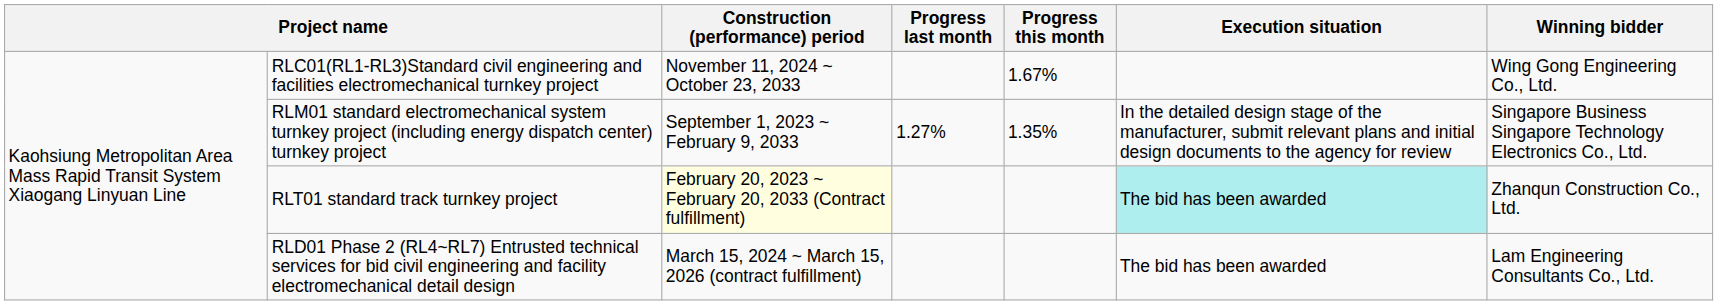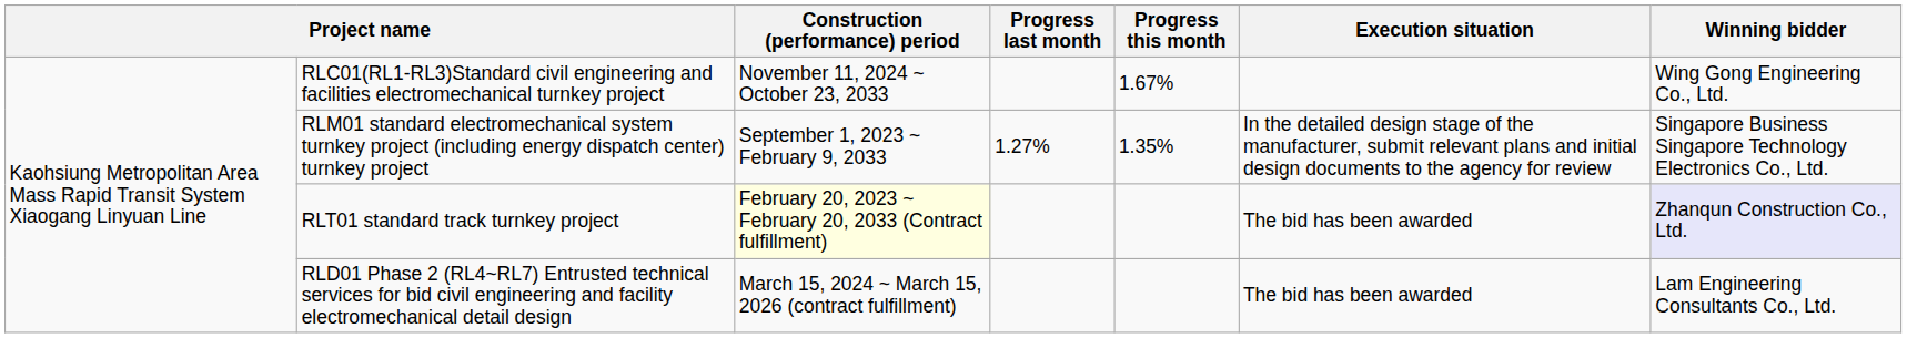 <table class="wikitable">
 <tr>
 <th colspan="2">Project name</th>
 <th>Construction (performance) period</th>
 <th>Progress last month</th>
 <th>Progress this month</th>
 <th>Execution situation</th>
 <th>Winning bidder</th>
 </tr>
 <tr>
 <td rowspan="4">Kaohsiung Metropolitan Area Mass Rapid Transit System Xiaogang Linyuan Line</td>
 <td>RLC01(RL1-RL3)Standard civil engineering and facilities electromechanical turnkey project</td>
 <td>November 11, 2024 ~ October 23, 2033</td>
 <td></td>
 <td>1.67%</td>
 <td></td>
 <td>Wing Gong Engineering Co., Ltd.</td>
 </tr>
 <tr>
 <td>RLM01 standard electromechanical system turnkey project (including energy dispatch center) turnkey project</td>
 <td>September 1, 2023 ~ February 9, 2033</td>
 <td>1.27%</td>
 <td>1.35%</td>
 <td>In the detailed design stage of the manufacturer, submit relevant plans and initial design documents to the agency for review</td>
 <td>Singapore Business Singapore Technology Electronics Co., Ltd.</td>
 </tr>
 <tr>
 <td>RLT01 standard track turnkey project</td>
 <td style="background: lightyellow;">February 20, 2023 ~ February 20, 2033 (Contract fulfillment)</td>
 <td></td>
 <td></td>
-<td style="background: paleturquoise;">The bid has been awarded</td>
-<td>Zhanqun Construction Co., Ltd.</td>
+<td>The bid has been awarded</td>
+<td style="background: lavender;">Zhanqun Construction Co., Ltd.</td>
 </tr>
 <tr>
 <td>RLD01 Phase 2 (RL4~RL7) Entrusted technical services for bid civil engineering and facility electromechanical detail design</td>
 <td>March 15, 2024 ~ March 15, 2026 (contract fulfillment)</td>
 <td></td>
 <td></td>
 <td>The bid has been awarded</td>
 <td>Lam Engineering Consultants Co., Ltd.</td>
 </tr>
 </table>
